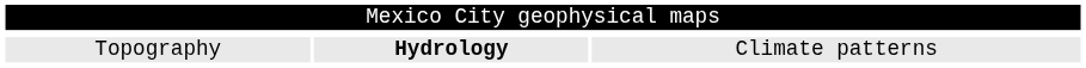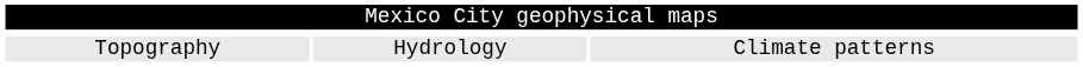 <table class="toc" cellpadding="0" cellspacing="2" style="margin:1em auto; width:600px; float:center; padding:0.5e text-align:left;clear:all; margin-left:3px; font-size:90%;">
 <tr>
 <td colspan="4" style=" color:white; font-size:100%; text-align:center; background-color:black;">Mexico City geophysical maps</td>
 </tr>
 <tr>
 <td style="text-align:center; vertical-align:center; background:white;"></td>
 <td style="text-align:center; vertical-align:center; background:white;"></td>
 <td style="text-align:center; vertical-align:center; background:white;"></td>
 </tr>
 <tr style="text-align:center; background:#e9e9e9;">
 <td>Topography</td>
-<td><strong>Hydrology</strong></td>
+<td>Hydrology</td>
 <td>Climate patterns</td>
 </tr>
 </table>
